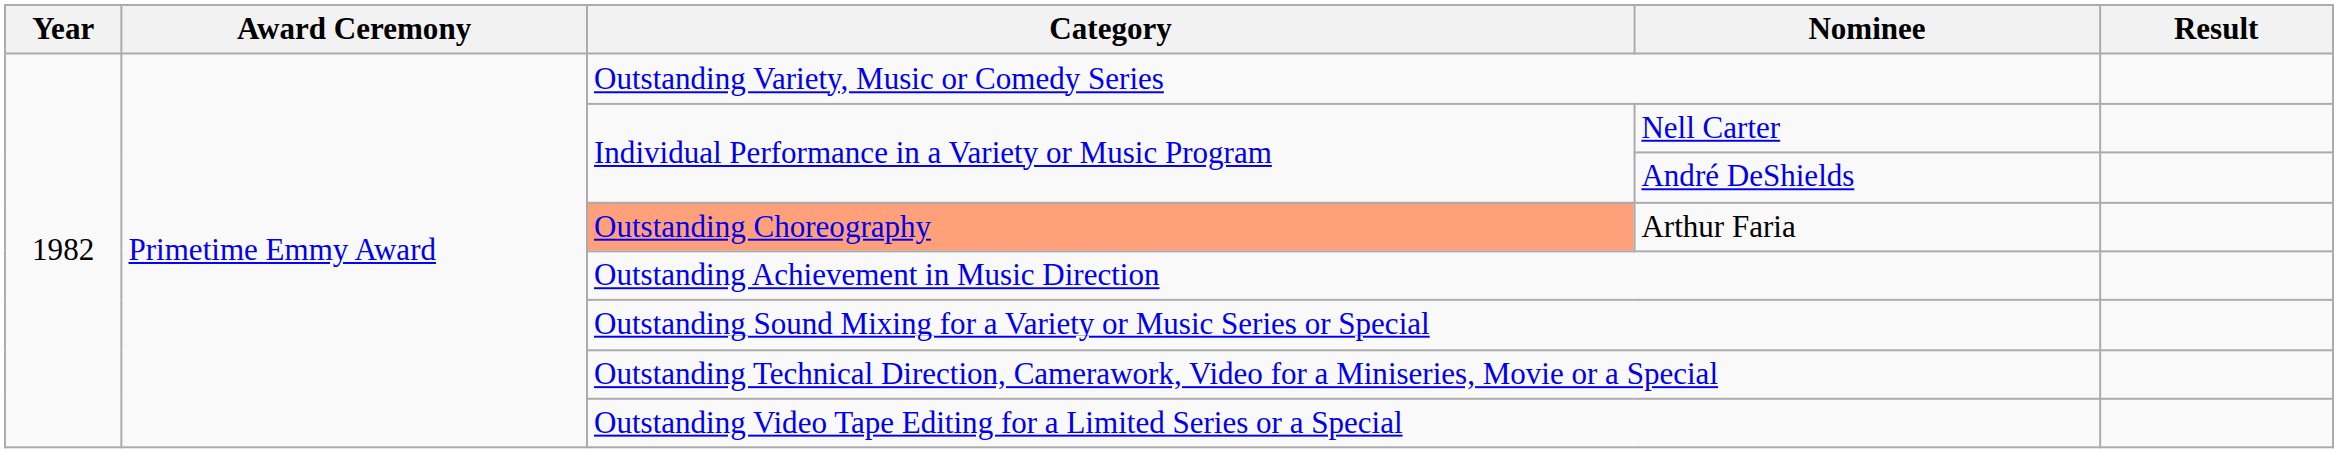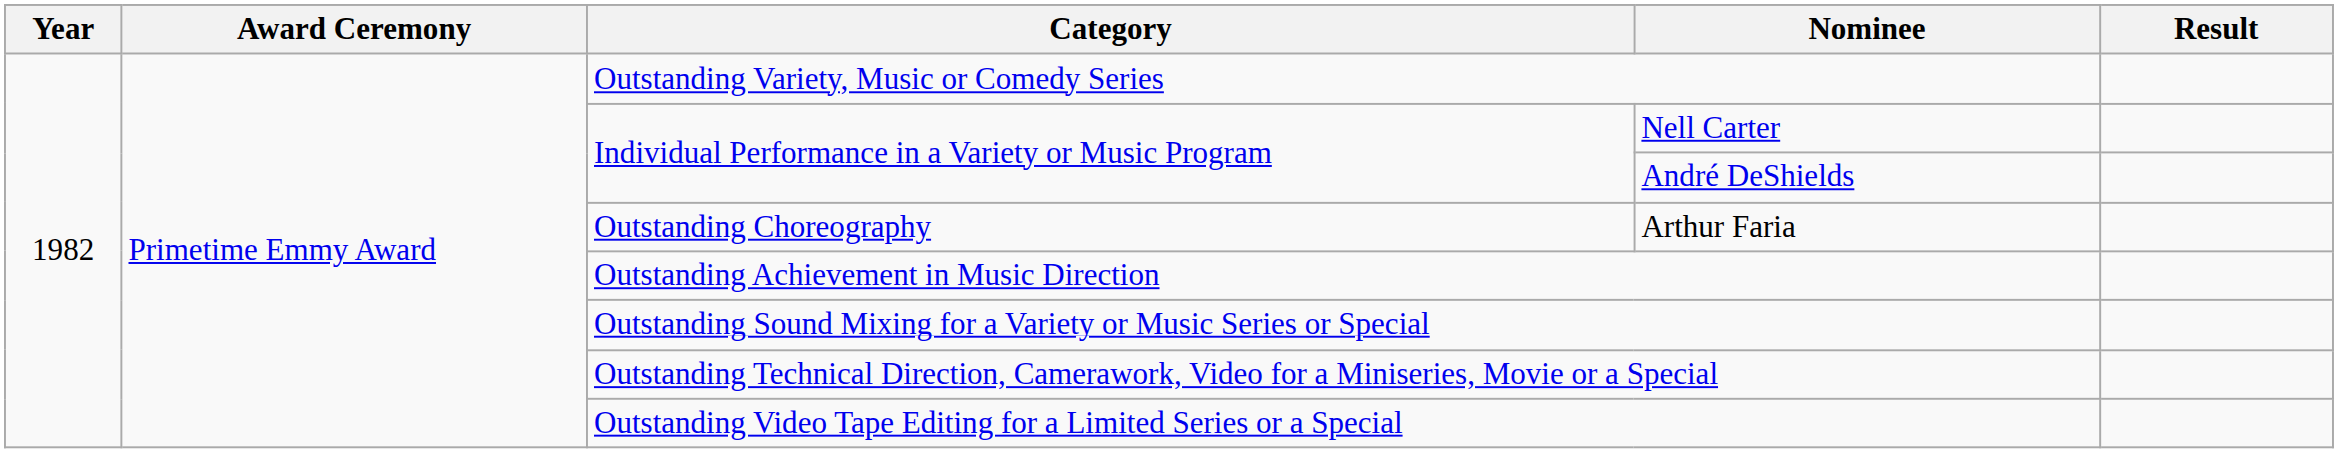 <table class="wikitable" width="95%">
 <tr>
 <th width="5%">Year</th>
 <th width="20%">Award Ceremony</th>
 <th width="45%">Category</th>
 <th width="20%">Nominee</th>
 <th width="10%">Result</th>
 </tr>
 <tr>
 <td rowspan="8" align="center">1982</td>
 <td rowspan="8"><a href='#'>Primetime Emmy Award</a></td>
 <td colspan="2"><a href='#'>Outstanding Variety, Music or Comedy Series</a></td>
 <td></td>
 </tr>
 <tr>
 <td rowspan="2"><a href='#'>Individual Performance in a Variety or Music Program</a></td>
 <td><a href='#'>Nell Carter</a></td>
 <td></td>
 </tr>
 <tr>
 <td><a href='#'>André DeShields</a></td>
 <td></td>
 </tr>
 <tr>
-<td style="background: lightsalmon;"><a href='#'>Outstanding Choreography</a></td>
+<td><a href='#'>Outstanding Choreography</a></td>
 <td>Arthur Faria</td>
 <td></td>
 </tr>
 <tr>
 <td colspan="2"><a href='#'>Outstanding Achievement in Music Direction</a></td>
 <td></td>
 </tr>
 <tr>
 <td colspan="2"><a href='#'>Outstanding Sound Mixing for a Variety or Music Series or Special</a></td>
 <td></td>
 </tr>
 <tr>
 <td colspan="2"><a href='#'>Outstanding Technical Direction, Camerawork, Video for a Miniseries, Movie or a Special</a></td>
 <td></td>
 </tr>
 <tr>
 <td colspan="2"><a href='#'>Outstanding Video Tape Editing for a Limited Series or a Special</a></td>
 <td></td>
 </tr>
 </table>
